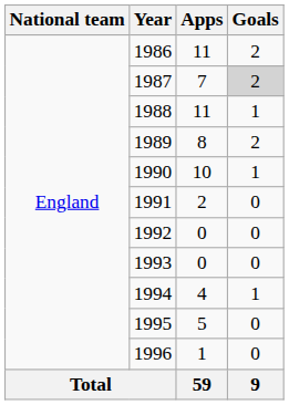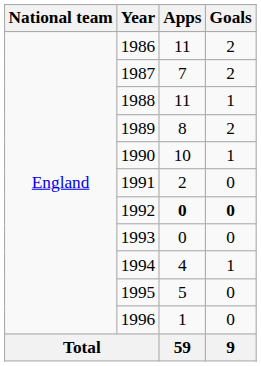 <table class="wikitable" style="text-align: center;">
 <tr>
 <th>National team</th>
 <th>Year</th>
 <th>Apps</th>
 <th>Goals</th>
 </tr>
 <tr>
 <td rowspan="11"><a href='#'>England</a></td>
 <td>1986</td>
 <td>11</td>
 <td>2</td>
 </tr>
 <tr>
 <td>1987</td>
 <td>7</td>
-<td style="background: lightgrey;">2</td>
+<td>2</td>
 </tr>
 <tr>
 <td>1988</td>
 <td>11</td>
 <td>1</td>
 </tr>
 <tr>
 <td>1989</td>
 <td>8</td>
 <td>2</td>
 </tr>
 <tr>
 <td>1990</td>
 <td>10</td>
 <td>1</td>
 </tr>
 <tr>
 <td>1991</td>
 <td>2</td>
 <td>0</td>
 </tr>
 <tr>
 <td>1992</td>
-<td>0</td>
-<td>0</td>
+<td><strong>0</strong></td>
+<td><strong>0</strong></td>
 </tr>
 <tr>
 <td>1993</td>
 <td>0</td>
 <td>0</td>
 </tr>
 <tr>
 <td>1994</td>
 <td>4</td>
 <td>1</td>
 </tr>
 <tr>
 <td>1995</td>
 <td>5</td>
 <td>0</td>
 </tr>
 <tr>
 <td>1996</td>
 <td>1</td>
 <td>0</td>
 </tr>
 <tr>
 <th colspan="2">Total</th>
 <th>59</th>
 <th>9</th>
 </tr>
 </table>
